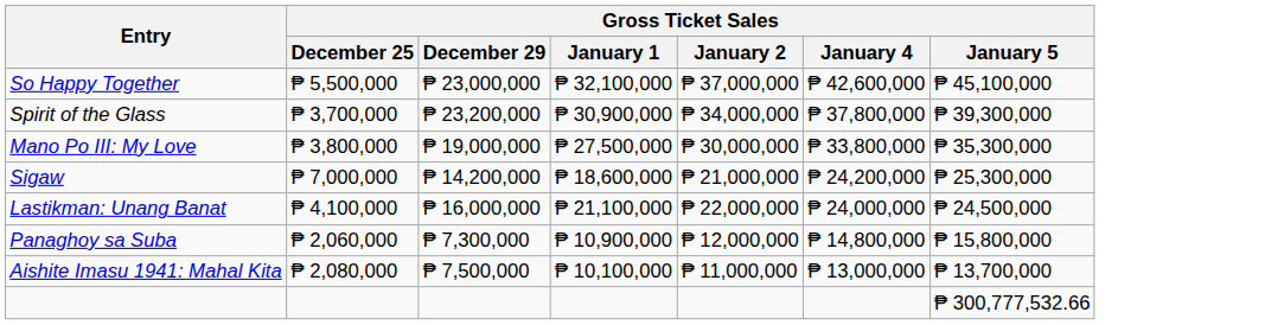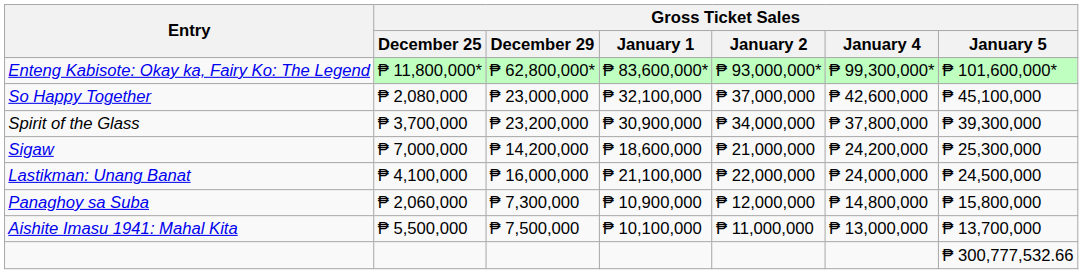 <table class="wikitable sortable" style="text align: center">
 <tr bgcolor="#efefef">
 <th rowspan=2>Entry</th>
 <th colspan=6>Gross Ticket Sales</th>
 </tr>
 <tr>
 <th>December 25</th>
 <th>December 29</th>
 <th>January 1</th>
 <th>January 2</th>
 <th>January 4</th>
 <th>January 5</th>
 </tr>
 <tr>
+<td><em><a href='#'>Enteng Kabisote: Okay ka, Fairy Ko: The Legend</a></em></td>
+<td data-sort-value="1" style="background:#BFFFC0;">₱ 11,800,000*</td>
+<td data-sort-value="1" style="background:#BFFFC0;">₱ 62,800,000*</td>
+<td data-sort-value="1" style="background:#BFFFC0;">₱ 83,600,000*</td>
+<td data-sort-value="1" style="background:#BFFFC0;">₱ 93,000,000*</td>
+<td data-sort-value="1" style="background:#BFFFC0;">₱ 99,300,000*</td>
+<td data-sort-value="1" style="background:#BFFFC0;">₱ 101,600,000*</td>
+</tr>
+<tr>
 <td><em><a href='#'>So Happy Together</a></em></td>
-<td data-sort-value="3">₱ 5,500,000</td>
+<td data-sort-value="7">₱ 2,080,000</td>
 <td data-sort-value="3">₱ 23,000,000</td>
 <td data-sort-value="2">₱ 32,100,000</td>
 <td data-sort-value="2">₱ 37,000,000</td>
 <td data-sort-value="2">₱ 42,600,000</td>
 <td data-sort-value="2">₱ 45,100,000</td>
 </tr>
 <tr>
 <td><em>Spirit of the Glass</em></td>
 <td data-sort-value="6">₱ 3,700,000</td>
 <td data-sort-value="2">₱ 23,200,000</td>
 <td data-sort-value="3">₱ 30,900,000</td>
 <td data-sort-value="3">₱ 34,000,000</td>
 <td data-sort-value="3">₱ 37,800,000</td>
 <td data-sort-value="3">₱ 39,300,000</td>
-</tr>
-<tr>
-<td><em><a href='#'>Mano Po III: My Love</a></em></td>
-<td data-sort-value="5">₱ 3,800,000</td>
-<td data-sort-value="4">₱ 19,000,000</td>
-<td data-sort-value="4">₱ 27,500,000</td>
-<td data-sort-value="4">₱ 30,000,000</td>
-<td data-sort-value="4">₱ 33,800,000</td>
-<td data-sort-value="4">₱ 35,300,000</td>
 </tr>
 <tr>
 <td><em><a href='#'>Sigaw</a></em></td>
 <td data-sort-value="2">₱ 7,000,000</td>
 <td data-sort-value="6">₱ 14,200,000</td>
 <td data-sort-value="6">₱ 18,600,000</td>
 <td data-sort-value="6">₱ 21,000,000</td>
 <td data-sort-value="5">₱ 24,200,000</td>
 <td data-sort-value="5">₱ 25,300,000</td>
 </tr>
 <tr>
 <td><em><a href='#'>Lastikman: Unang Banat</a></em></td>
 <td data-sort-value="4">₱ 4,100,000</td>
 <td data-sort-value="5">₱ 16,000,000</td>
 <td data-sort-value="5">₱ 21,100,000</td>
 <td data-sort-value="5">₱ 22,000,000</td>
 <td data-sort-value="6">₱ 24,000,000</td>
 <td data-sort-value="6">₱ 24,500,000</td>
 </tr>
 <tr>
 <td><em><a href='#'>Panaghoy sa Suba</a></em></td>
 <td data-sort-value="8">₱ 2,060,000</td>
 <td data-sort-value="8">₱ 7,300,000</td>
 <td data-sort-value="7">₱ 10,900,000</td>
 <td data-sort-value="7">₱ 12,000,000</td>
 <td data-sort-value="7">₱ 14,800,000</td>
 <td data-sort-value="7">₱ 15,800,000</td>
 </tr>
 <tr>
 <td><em><a href='#'>Aishite Imasu 1941: Mahal Kita</a></em></td>
-<td data-sort-value="7">₱ 2,080,000</td>
+<td data-sort-value="3">₱ 5,500,000</td>
 <td data-sort-value="7">₱ 7,500,000</td>
 <td data-sort-value="8">₱ 10,100,000</td>
 <td data-sort-value="8">₱ 11,000,000</td>
 <td data-sort-value="8">₱ 13,000,000</td>
 <td data-sort-value="8">₱ 13,700,000</td>
 </tr>
 <tr>
 <td></td>
 <td></td>
 <td></td>
 <td></td>
 <td></td>
 <td><strong></strong></td>
 <td>₱ 300,777,532.66</td>
 </tr>
 </table>
